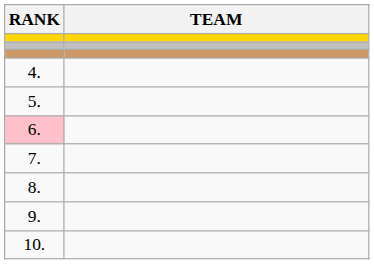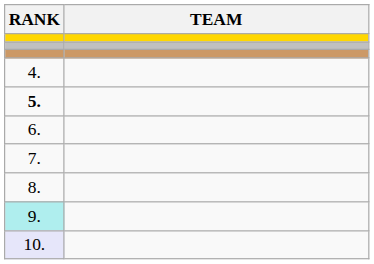 <table class="wikitable" style="border-collapse: collapse; font-size: 90%;">
 <tr>
 <th>RANK</th>
 <th align="left" style="width: 17em">TEAM</th>
 </tr>
 <tr bgcolor=gold>
 <td align="center"></td>
 <td></td>
 </tr>
 <tr bgcolor=silver>
 <td align="center"></td>
 <td></td>
 </tr>
 <tr bgcolor=cc9966>
 <td align="center"></td>
 <td></td>
 </tr>
 <tr>
 <td align="center">4.</td>
 <td></td>
 </tr>
 <tr>
-<td align="center">5.</td>
+<td align="center"><strong>5.</strong></td>
 <td></td>
 </tr>
 <tr>
-<td align="center" style="background: pink;">6.</td>
+<td align="center">6.</td>
 <td></td>
 </tr>
 <tr>
 <td align="center">7.</td>
 <td></td>
 </tr>
 <tr>
 <td align="center">8.</td>
 <td></td>
 </tr>
 <tr>
-<td align="center">9.</td>
+<td align="center" style="background: paleturquoise;">9.</td>
 <td></td>
 </tr>
 <tr>
-<td align="center">10.</td>
+<td align="center" style="background: lavender;">10.</td>
 <td></td>
 </tr>
 </table>
